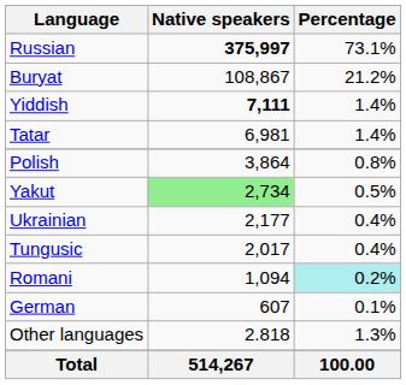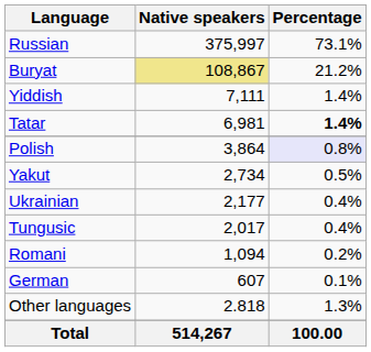 <table class="wikitable sortable">
 <tr>
 <th>Language</th>
 <th>Native speakers</th>
 <th>Percentage</th>
 </tr>
 <tr>
 <td><a href='#'>Russian</a></td>
-<td align="right"><strong>375,997</strong></td>
+<td align="right">375,997</td>
 <td align="right">73.1%</td>
 </tr>
 <tr>
 <td><a href='#'>Buryat</a></td>
-<td align="right">108,867</td>
+<td align="right" style="background: khaki;">108,867</td>
 <td align="right">21.2%</td>
 </tr>
 <tr>
 <td><a href='#'>Yiddish</a></td>
-<td align="right"><strong>7,111</strong></td>
+<td align="right">7,111</td>
 <td align="right">1.4%</td>
 </tr>
 <tr>
 <td><a href='#'>Tatar</a></td>
 <td align="right">6,981</td>
-<td align="right">1.4%</td>
+<td align="right"><strong>1.4%</strong></td>
 </tr>
 <tr>
 </tr>
 <tr>
 <td><a href='#'>Polish</a></td>
 <td align="right">3,864</td>
-<td align="right">0.8%</td>
+<td align="right" style="background: lavender;">0.8%</td>
 </tr>
 <tr>
 <td><a href='#'>Yakut</a></td>
-<td align="right" style="background: lightgreen;">2,734</td>
+<td align="right">2,734</td>
 <td align="right">0.5%</td>
 </tr>
 <tr>
 <td><a href='#'>Ukrainian</a></td>
 <td align="right">2,177</td>
 <td align="right">0.4%</td>
 </tr>
 <tr>
 <td><a href='#'>Tungusic</a></td>
 <td align="right">2,017</td>
 <td align="right">0.4%</td>
 </tr>
 <tr>
 <td><a href='#'>Romani</a></td>
 <td align="right">1,094</td>
-<td align="right" style="background: paleturquoise;">0.2%</td>
+<td align="right">0.2%</td>
 </tr>
 <tr>
 <td><a href='#'>German</a></td>
 <td align="right">607</td>
 <td align="right">0.1%</td>
 </tr>
 <tr>
 <td>Other languages</td>
 <td align="right">2.818</td>
 <td align="right">1.3%</td>
 </tr>
 <tr>
 </tr>
 <tr>
 <th>Total</th>
 <th>514,267</th>
 <th>100.00</th>
 </tr>
 </table>
